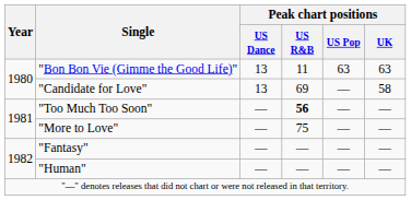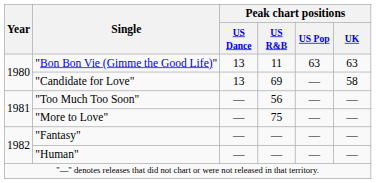 <table class="wikitable">
 <tr>
 <th scope="col" rowspan="2">Year</th>
 <th scope="col" rowspan="2">Single</th>
 <th scope="col" colspan="4">Peak chart positions</th>
 </tr>
 <tr>
 <th style="width:45px;"><small><a href='#'>US Dance</a></small><br></th>
 <th style="width:45px;"><small><a href='#'>US R&B</a></small><br></th>
 <th style="width:45px;"><small><a href='#'>US Pop</a></small><br></th>
 <th style="width:45px;"><small><a href='#'>UK</a></small><br></th>
 </tr>
 <tr>
 <td rowspan="2">1980</td>
 <td>"<a href='#'>Bon Bon Vie (Gimme the Good Life)</a>"</td>
 <td align=center>13</td>
 <td align=center>11</td>
 <td align=center>63</td>
 <td align=center>63</td>
 </tr>
 <tr>
 <td>"Candidate for Love"</td>
 <td align=center>13</td>
 <td align=center>69</td>
 <td align=center>―</td>
 <td align=center>58</td>
 </tr>
 <tr>
 <td rowspan="2">1981</td>
 <td>"Too Much Too Soon"</td>
 <td align=center>―</td>
-<td align=center><strong>56</strong></td>
+<td align=center>56</td>
 <td align=center>―</td>
 <td align=center>―</td>
 </tr>
 <tr>
 <td>"More to Love"</td>
 <td align=center>―</td>
 <td align=center>75</td>
 <td align=center>―</td>
 <td align=center>―</td>
 </tr>
 <tr>
 <td rowspan="2">1982</td>
 <td>"Fantasy"</td>
 <td align=center>―</td>
 <td align=center>―</td>
 <td align=center>―</td>
 <td align=center>―</td>
 </tr>
 <tr>
 <td>"Human"</td>
 <td align=center>―</td>
 <td align=center>―</td>
 <td align=center>―</td>
 <td align=center>―</td>
 </tr>
 <tr>
 <td colspan="6" style="text-align:center; font-size:9pt;">"—" denotes releases that did not chart or were not released in that territory.</td>
 </tr>
 </table>
